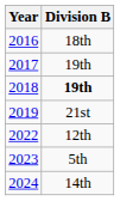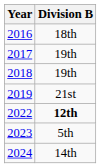 <table class="wikitable" style="text-align:center">
 <tr>
 <th>Year</th>
 <th>Division B</th>
 </tr>
 <tr>
 <td><a href='#'>2016</a></td>
 <td>18th</td>
 </tr>
 <tr>
 <td><a href='#'>2017</a></td>
 <td>19th</td>
 </tr>
 <tr>
 <td><a href='#'>2018</a></td>
-<td><strong>19th</strong></td>
+<td>19th</td>
 </tr>
 <tr>
 <td><a href='#'>2019</a></td>
 <td>21st</td>
 </tr>
 <tr>
 <td><a href='#'>2022</a></td>
-<td>12th</td>
+<td><strong>12th</strong></td>
 </tr>
 <tr>
 <td><a href='#'>2023</a></td>
 <td>5th</td>
 </tr>
 <tr>
 <td><a href='#'>2024</a></td>
 <td>14th</td>
 </tr>
 </table>
